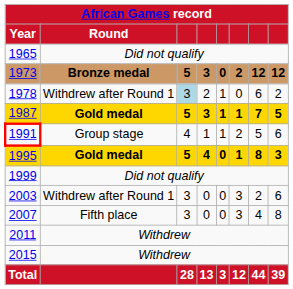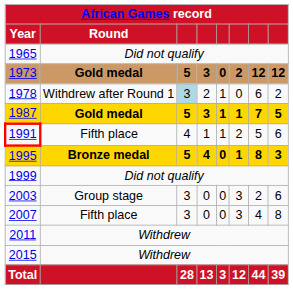 <table class="wikitable" style="text-align:center">
 <tr>
 <th colspan="8" style="text-align:center; background:#CE1126; color:#FFFFFF; "><a href='#'><span>African Games</span></a> record</th>
 </tr>
 <tr>
 <th style="background:#CE1126; color:#FFFFFF; ">Year</th>
 <th style="background:#CE1126; color:#FFFFFF; ">Round</th>
 <th style="background:#CE1126; color:#FFFFFF; "></th>
 <th style="background:#CE1126; color:#FFFFFF; "></th>
 <th style="background:#CE1126; color:#FFFFFF; "></th>
 <th style="background:#CE1126; color:#FFFFFF; "></th>
 <th style="background:#CE1126; color:#FFFFFF; "></th>
 <th style="background:#CE1126; color:#FFFFFF; "></th>
 </tr>
 <tr>
 <td> <a href='#'>1965</a></td>
 <td colspan="7"><em>Did not qualify</em></td>
 </tr>
 <tr style="background:#CC9966">
 <td> <a href='#'>1973</a></td>
-<td><strong>Bronze medal</strong></td>
+<td><strong>Gold medal</strong></td>
 <td><strong>5</strong></td>
 <td><strong>3</strong></td>
 <td><strong>0</strong></td>
 <td><strong>2</strong></td>
 <td><strong>12</strong></td>
 <td><strong>12</strong></td>
 </tr>
 <tr>
 <td> <a href='#'>1978</a></td>
 <td>Withdrew after Round 1</td>
 <td style="background: lightblue;">3</td>
 <td>2</td>
 <td>1</td>
 <td>0</td>
 <td>6</td>
 <td>2</td>
 </tr>
 <tr style="background:gold">
 <td> <a href='#'>1987</a></td>
 <td><strong>Gold medal</strong></td>
 <td><strong>5</strong></td>
 <td><strong>3</strong></td>
 <td><strong>1</strong></td>
 <td><strong>1</strong></td>
 <td><strong>7</strong></td>
 <td><strong>5</strong></td>
 </tr>
 <tr>
 <td style="border:3px solid red"> <a href='#'>1991</a></td>
-<td>Group stage</td>
+<td>Fifth place</td>
 <td>4</td>
 <td>1</td>
 <td>1</td>
 <td>2</td>
 <td>5</td>
 <td>6</td>
 </tr>
 <tr style="background:gold">
 <td> <a href='#'>1995</a></td>
-<td><strong>Gold medal</strong></td>
+<td><strong>Bronze medal</strong></td>
 <td><strong>5</strong></td>
 <td><strong>4</strong></td>
 <td><strong>0</strong></td>
 <td><strong>1</strong></td>
 <td><strong>8</strong></td>
 <td><strong>3</strong></td>
 </tr>
 <tr>
 <td> <a href='#'>1999</a></td>
 <td colspan="7"><em>Did not qualify</em></td>
 </tr>
 <tr>
 <td> <a href='#'>2003</a></td>
-<td>Withdrew after Round 1</td>
+<td>Group stage</td>
 <td>3</td>
 <td>0</td>
 <td>0</td>
 <td>3</td>
 <td>2</td>
 <td>6</td>
 </tr>
 <tr>
 <td> <a href='#'>2007</a></td>
 <td>Fifth place</td>
 <td>3</td>
 <td>0</td>
 <td>0</td>
 <td>3</td>
 <td>4</td>
 <td>8</td>
 </tr>
 <tr>
 <td> <a href='#'>2011</a></td>
 <td colspan="7"><em>Withdrew</em></td>
 </tr>
 <tr>
 <td> <a href='#'>2015</a></td>
 <td colspan="7"><em>Withdrew</em></td>
 </tr>
 <tr>
 <th style="background:#CE1126; color:#FFFFFF; ">Total</th>
 <th style="background:#CE1126; color:#FFFFFF; "></th>
 <th style="background:#CE1126; color:#FFFFFF; ">28</th>
 <th style="background:#CE1126; color:#FFFFFF; ">13</th>
 <th style="background:#CE1126; color:#FFFFFF; ">3</th>
 <th style="background:#CE1126; color:#FFFFFF; ">12</th>
 <th style="background:#CE1126; color:#FFFFFF; ">44</th>
 <th style="background:#CE1126; color:#FFFFFF; ">39</th>
 </tr>
 </table>
